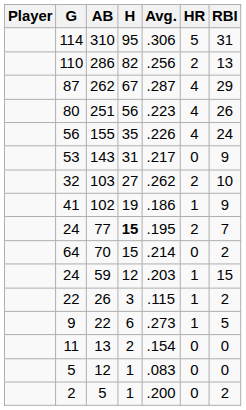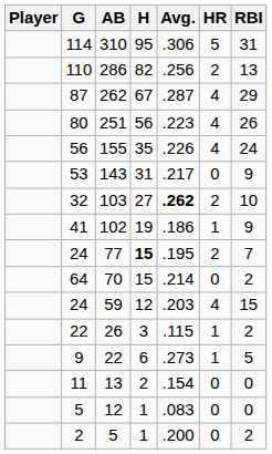 <table class="wikitable sortable">
 <tr>
 <th>Player</th>
 <th>G</th>
 <th>AB</th>
 <th>H</th>
 <th>Avg.</th>
 <th>HR</th>
 <th>RBI</th>
 </tr>
 <tr align="center">
 <td></td>
 <td>114</td>
 <td>310</td>
 <td>95</td>
 <td>.306</td>
 <td>5</td>
 <td>31</td>
 </tr>
 <tr align="center">
 <td></td>
 <td>110</td>
 <td>286</td>
 <td>82</td>
 <td>.256</td>
 <td>2</td>
 <td>13</td>
 </tr>
 <tr align="center">
 <td></td>
 <td>87</td>
 <td>262</td>
 <td>67</td>
 <td>.287</td>
 <td>4</td>
 <td>29</td>
 </tr>
 <tr align="center">
 <td></td>
 <td>80</td>
 <td>251</td>
 <td>56</td>
 <td>.223</td>
 <td>4</td>
 <td>26</td>
 </tr>
 <tr align="center">
 <td></td>
 <td>56</td>
 <td>155</td>
 <td>35</td>
 <td>.226</td>
 <td>4</td>
 <td>24</td>
 </tr>
 <tr align="center">
 <td></td>
 <td>53</td>
 <td>143</td>
 <td>31</td>
 <td>.217</td>
 <td>0</td>
 <td>9</td>
 </tr>
 <tr align="center">
 <td></td>
 <td>32</td>
 <td>103</td>
 <td>27</td>
-<td>.262</td>
+<td><strong>.262</strong></td>
 <td>2</td>
 <td>10</td>
 </tr>
 <tr align="center">
 <td></td>
 <td>41</td>
 <td>102</td>
 <td>19</td>
 <td>.186</td>
 <td>1</td>
 <td>9</td>
 </tr>
 <tr align="center">
 <td></td>
 <td>24</td>
 <td>77</td>
 <td><strong>15</strong></td>
 <td>.195</td>
 <td>2</td>
 <td>7</td>
 </tr>
 <tr align="center">
 <td></td>
 <td>64</td>
 <td>70</td>
 <td>15</td>
 <td>.214</td>
 <td>0</td>
 <td>2</td>
 </tr>
 <tr align="center">
 <td></td>
 <td>24</td>
 <td>59</td>
 <td>12</td>
 <td>.203</td>
-<td>1</td>
+<td>4</td>
 <td>15</td>
 </tr>
 <tr align="center">
 <td></td>
 <td>22</td>
 <td>26</td>
 <td>3</td>
 <td>.115</td>
 <td>1</td>
 <td>2</td>
 </tr>
 <tr align="center">
 <td></td>
 <td>9</td>
 <td>22</td>
 <td>6</td>
 <td>.273</td>
 <td>1</td>
 <td>5</td>
 </tr>
 <tr align="center">
 <td></td>
 <td>11</td>
 <td>13</td>
 <td>2</td>
 <td>.154</td>
 <td>0</td>
 <td>0</td>
 </tr>
 <tr align="center">
 <td></td>
 <td>5</td>
 <td>12</td>
 <td>1</td>
 <td>.083</td>
 <td>0</td>
 <td>0</td>
 </tr>
 <tr align="center">
 <td></td>
 <td>2</td>
 <td>5</td>
 <td>1</td>
 <td>.200</td>
 <td>0</td>
 <td>2</td>
 </tr>
 </table>
